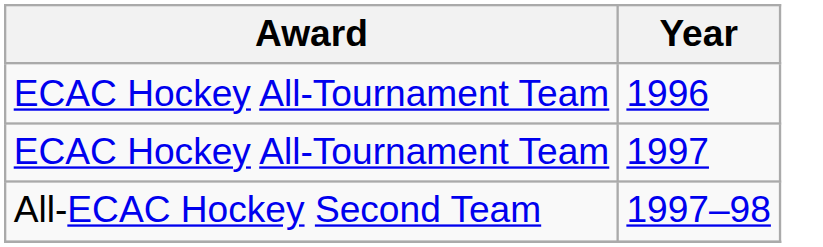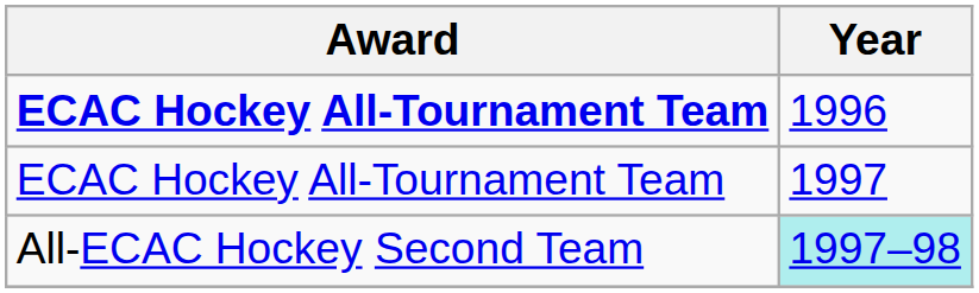 <table class="wikitable">
 <tr>
 <th>Award</th>
 <th>Year</th>
 </tr>
 <tr>
-<td><a href='#'>ECAC Hockey</a> <a href='#'>All-Tournament Team</a></td>
+<td><strong><a href='#'>ECAC Hockey</a> <a href='#'>All-Tournament Team</a></strong></td>
 <td><a href='#'>1996</a></td>
 </tr>
 <tr>
 <td><a href='#'>ECAC Hockey</a> <a href='#'>All-Tournament Team</a></td>
 <td><a href='#'>1997</a></td>
 </tr>
 <tr>
 <td>All-<a href='#'>ECAC Hockey</a> <a href='#'>Second Team</a></td>
-<td><a href='#'>1997–98</a></td>
+<td style="background: paleturquoise;"><a href='#'>1997–98</a></td>
 </tr>
 <tr>
 </tr>
 </table>
